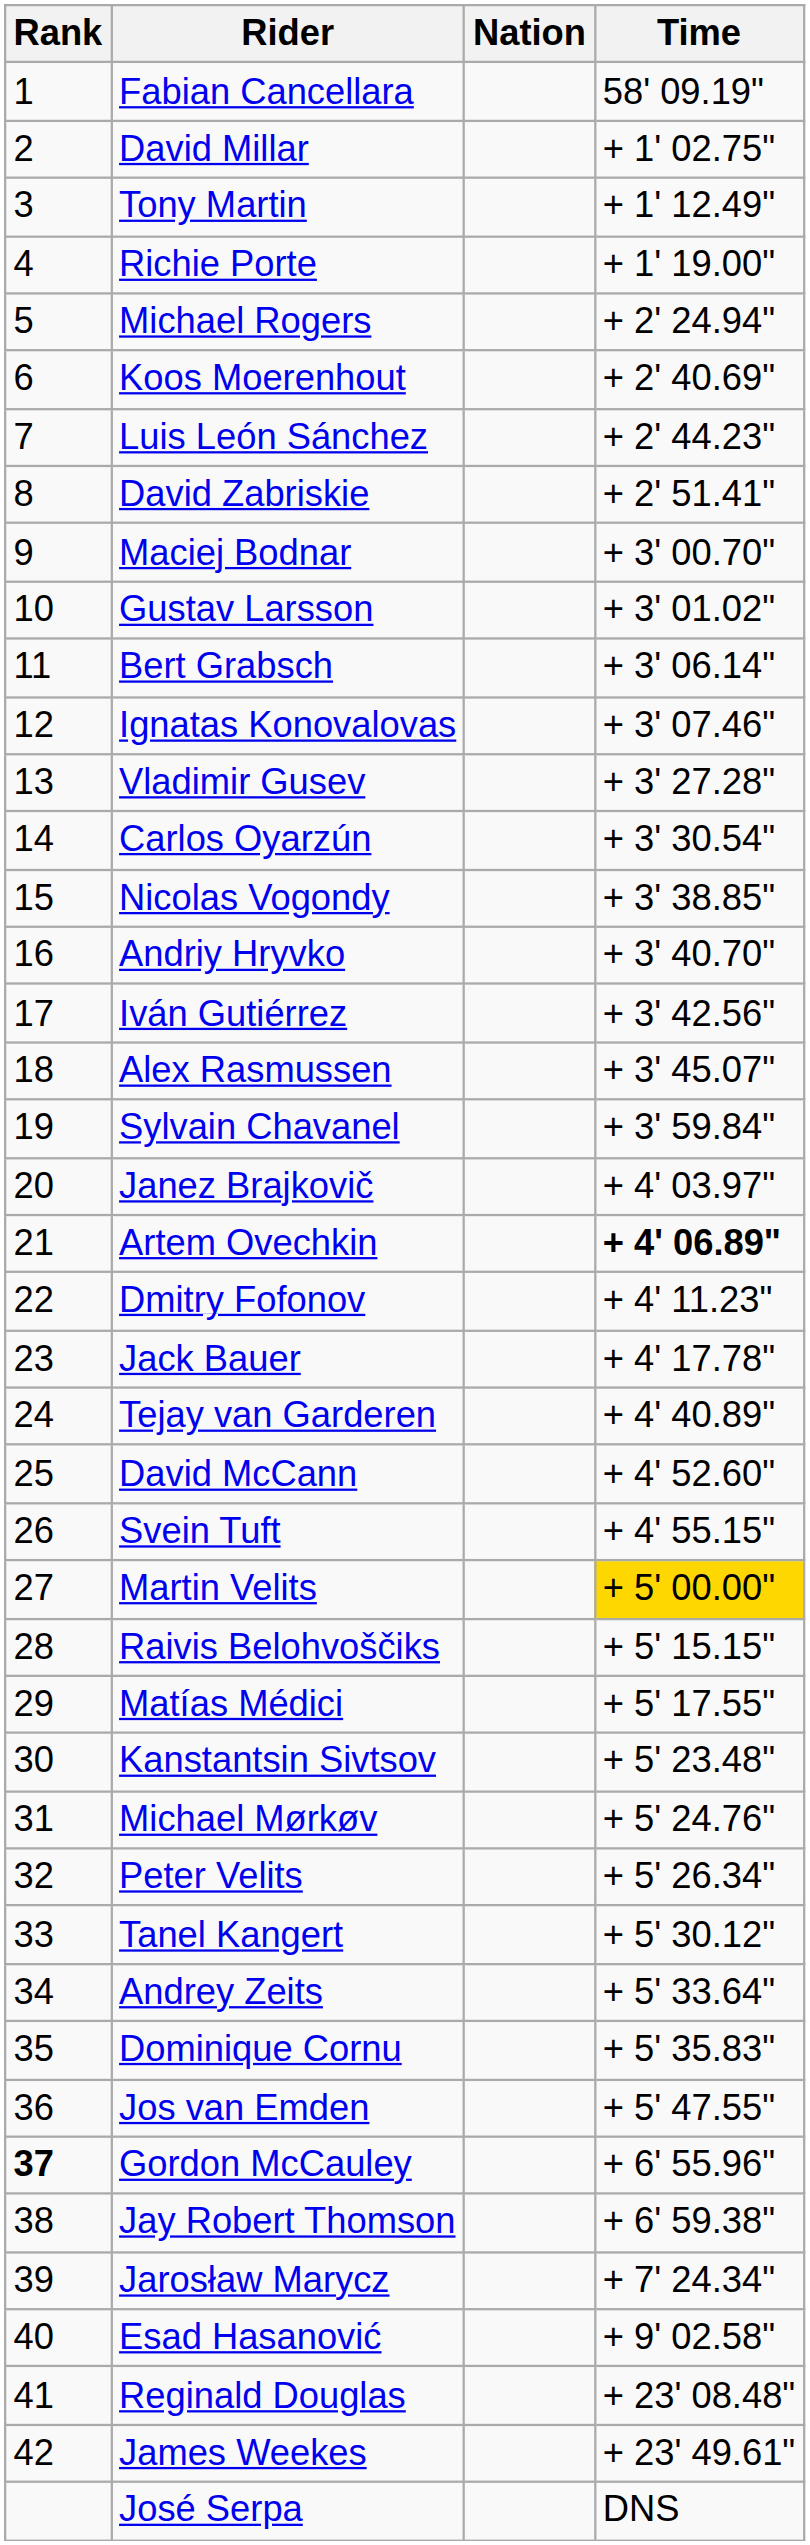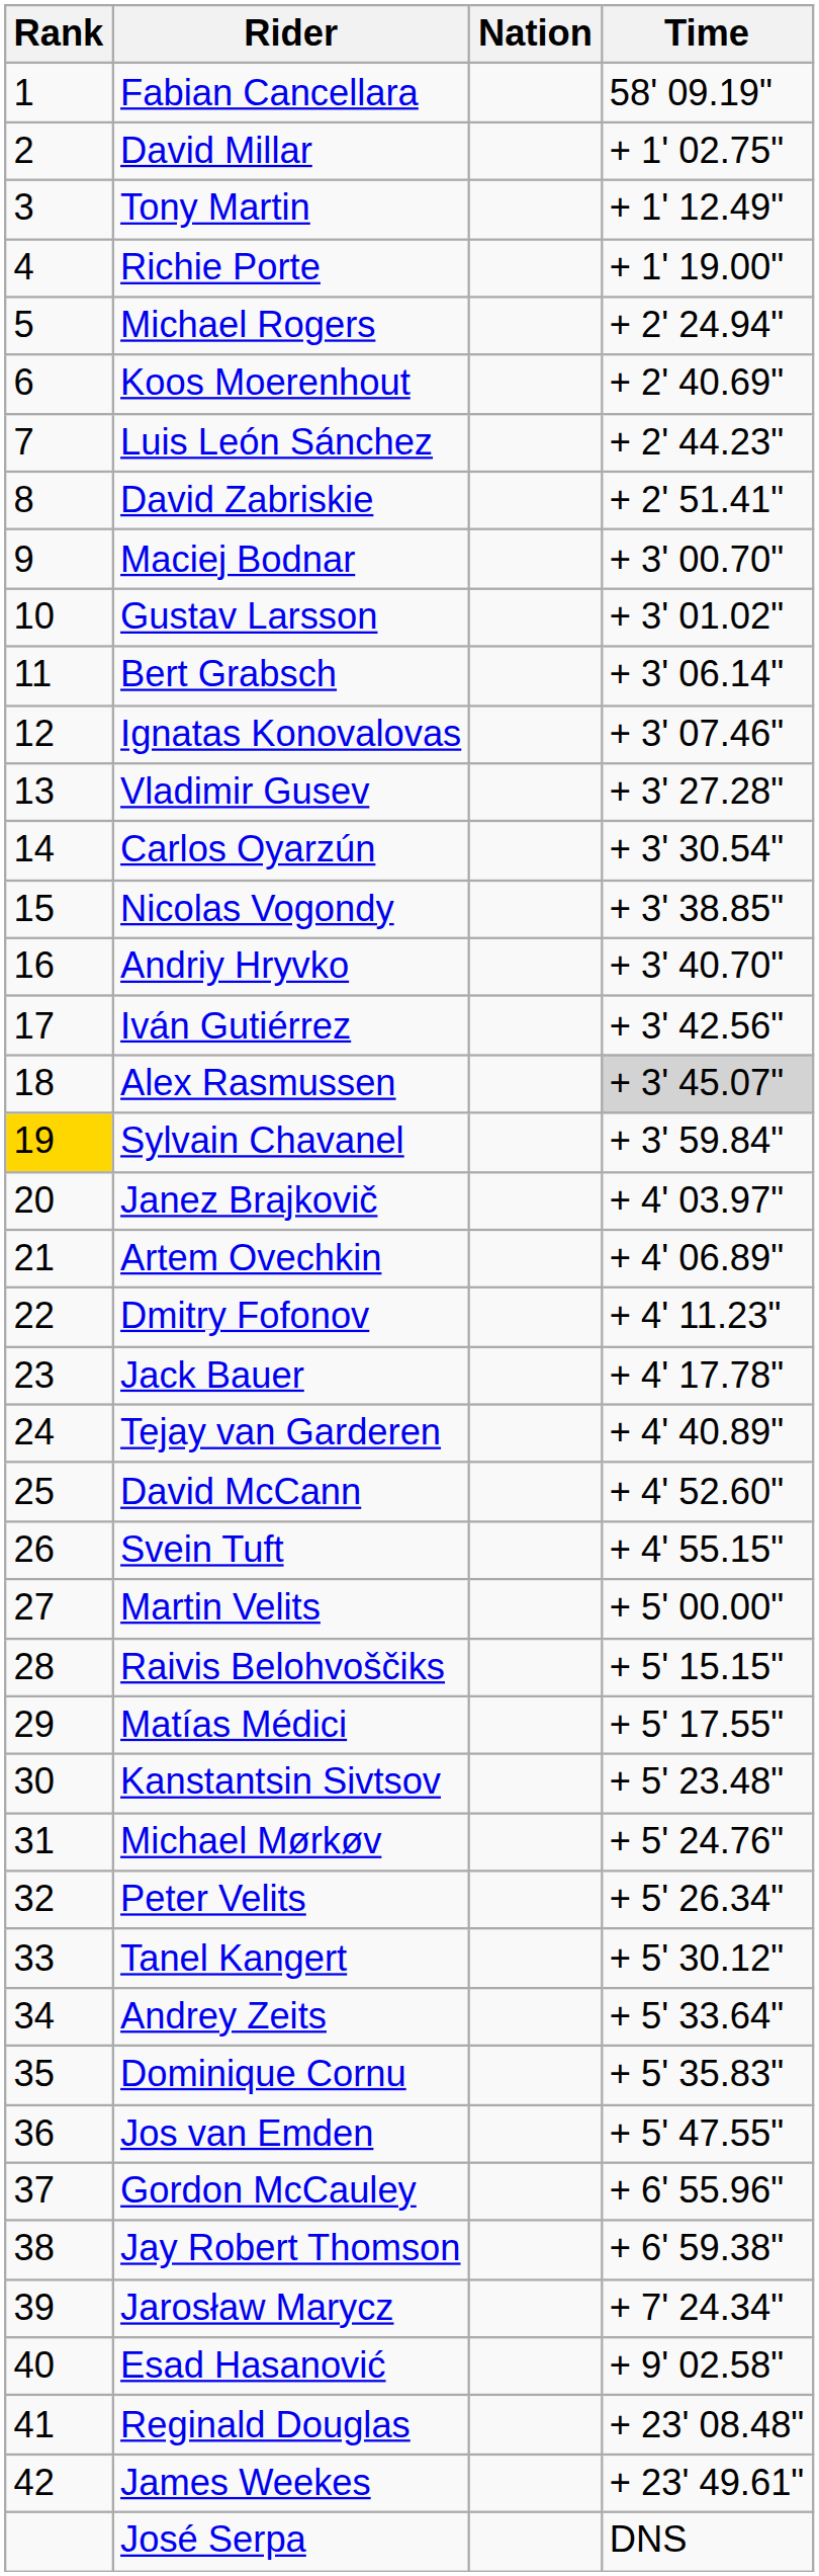 <table class="wikitable">
 <tr>
 <th>Rank</th>
 <th>Rider</th>
 <th>Nation</th>
 <th>Time</th>
 </tr>
 <tr>
 <td>1</td>
 <td><a href='#'>Fabian Cancellara</a></td>
 <td></td>
 <td>58' 09.19"</td>
 </tr>
 <tr>
 <td>2</td>
 <td><a href='#'>David Millar</a></td>
 <td></td>
 <td>+ 1' 02.75"</td>
 </tr>
 <tr>
 <td>3</td>
 <td><a href='#'>Tony Martin</a></td>
 <td></td>
 <td>+ 1' 12.49"</td>
 </tr>
 <tr>
 <td>4</td>
 <td><a href='#'>Richie Porte</a></td>
 <td></td>
 <td>+ 1' 19.00"</td>
 </tr>
 <tr>
 <td>5</td>
 <td><a href='#'>Michael Rogers</a></td>
 <td></td>
 <td>+ 2' 24.94"</td>
 </tr>
 <tr>
 <td>6</td>
 <td><a href='#'>Koos Moerenhout</a></td>
 <td></td>
 <td>+ 2' 40.69"</td>
 </tr>
 <tr>
 <td>7</td>
 <td><a href='#'>Luis León Sánchez</a></td>
 <td></td>
 <td>+ 2' 44.23"</td>
 </tr>
 <tr>
 <td>8</td>
 <td><a href='#'>David Zabriskie</a></td>
 <td></td>
 <td>+ 2' 51.41"</td>
 </tr>
 <tr>
 <td>9</td>
 <td><a href='#'>Maciej Bodnar</a></td>
 <td></td>
 <td>+ 3' 00.70"</td>
 </tr>
 <tr>
 <td>10</td>
 <td><a href='#'>Gustav Larsson</a></td>
 <td></td>
 <td>+ 3' 01.02"</td>
 </tr>
 <tr>
 <td>11</td>
 <td><a href='#'>Bert Grabsch</a></td>
 <td></td>
 <td>+ 3' 06.14"</td>
 </tr>
 <tr>
 <td>12</td>
 <td><a href='#'>Ignatas Konovalovas</a></td>
 <td></td>
 <td>+ 3' 07.46"</td>
 </tr>
 <tr>
 <td>13</td>
 <td><a href='#'>Vladimir Gusev</a></td>
 <td></td>
 <td>+ 3' 27.28"</td>
 </tr>
 <tr>
 <td>14</td>
 <td><a href='#'>Carlos Oyarzún</a></td>
 <td></td>
 <td>+ 3' 30.54"</td>
 </tr>
 <tr>
 <td>15</td>
 <td><a href='#'>Nicolas Vogondy</a></td>
 <td></td>
 <td>+ 3' 38.85"</td>
 </tr>
 <tr>
 <td>16</td>
 <td><a href='#'>Andriy Hryvko</a></td>
 <td></td>
 <td>+ 3' 40.70"</td>
 </tr>
 <tr>
 <td>17</td>
 <td><a href='#'>Iván Gutiérrez</a></td>
 <td></td>
 <td>+ 3' 42.56"</td>
 </tr>
 <tr>
 <td>18</td>
 <td><a href='#'>Alex Rasmussen</a></td>
 <td></td>
-<td>+ 3' 45.07"</td>
+<td style="background: lightgrey;">+ 3' 45.07"</td>
 </tr>
 <tr>
-<td>19</td>
+<td style="background: gold;">19</td>
 <td><a href='#'>Sylvain Chavanel</a></td>
 <td></td>
 <td>+ 3' 59.84"</td>
 </tr>
 <tr>
 <td>20</td>
 <td><a href='#'>Janez Brajkovič</a></td>
 <td></td>
 <td>+ 4' 03.97"</td>
 </tr>
 <tr>
 <td>21</td>
 <td><a href='#'>Artem Ovechkin</a></td>
 <td></td>
-<td><strong>+ 4' 06.89"</strong></td>
+<td>+ 4' 06.89"</td>
 </tr>
 <tr>
 <td>22</td>
 <td><a href='#'>Dmitry Fofonov</a></td>
 <td></td>
 <td>+ 4' 11.23"</td>
 </tr>
 <tr>
 <td>23</td>
 <td><a href='#'>Jack Bauer</a></td>
 <td></td>
 <td>+ 4' 17.78"</td>
 </tr>
 <tr>
 <td>24</td>
 <td><a href='#'>Tejay van Garderen</a></td>
 <td></td>
 <td>+ 4' 40.89"</td>
 </tr>
 <tr>
 <td>25</td>
 <td><a href='#'>David McCann</a></td>
 <td></td>
 <td>+ 4' 52.60"</td>
 </tr>
 <tr>
 <td>26</td>
 <td><a href='#'>Svein Tuft</a></td>
 <td></td>
 <td>+ 4' 55.15"</td>
 </tr>
 <tr>
 <td>27</td>
 <td><a href='#'>Martin Velits</a></td>
 <td></td>
-<td style="background: gold;">+ 5' 00.00"</td>
+<td>+ 5' 00.00"</td>
 </tr>
 <tr>
 <td>28</td>
 <td><a href='#'>Raivis Belohvoščiks</a></td>
 <td></td>
 <td>+ 5' 15.15"</td>
 </tr>
 <tr>
 <td>29</td>
 <td><a href='#'>Matías Médici</a></td>
 <td></td>
 <td>+ 5' 17.55"</td>
 </tr>
 <tr>
 <td>30</td>
 <td><a href='#'>Kanstantsin Sivtsov</a></td>
 <td></td>
 <td>+ 5' 23.48"</td>
 </tr>
 <tr>
 <td>31</td>
 <td><a href='#'>Michael Mørkøv</a></td>
 <td></td>
 <td>+ 5' 24.76"</td>
 </tr>
 <tr>
 <td>32</td>
 <td><a href='#'>Peter Velits</a></td>
 <td></td>
 <td>+ 5' 26.34"</td>
 </tr>
 <tr>
 <td>33</td>
 <td><a href='#'>Tanel Kangert</a></td>
 <td></td>
 <td>+ 5' 30.12"</td>
 </tr>
 <tr>
 <td>34</td>
 <td><a href='#'>Andrey Zeits</a></td>
 <td></td>
 <td>+ 5' 33.64"</td>
 </tr>
 <tr>
 <td>35</td>
 <td><a href='#'>Dominique Cornu</a></td>
 <td></td>
 <td>+ 5' 35.83"</td>
 </tr>
 <tr>
 <td>36</td>
 <td><a href='#'>Jos van Emden</a></td>
 <td></td>
 <td>+ 5' 47.55"</td>
 </tr>
 <tr>
-<td><strong>37</strong></td>
+<td>37</td>
 <td><a href='#'>Gordon McCauley</a></td>
 <td></td>
 <td>+ 6' 55.96"</td>
 </tr>
 <tr>
 <td>38</td>
 <td><a href='#'>Jay Robert Thomson</a></td>
 <td></td>
 <td>+ 6' 59.38"</td>
 </tr>
 <tr>
 <td>39</td>
 <td><a href='#'>Jarosław Marycz</a></td>
 <td></td>
 <td>+ 7' 24.34"</td>
 </tr>
 <tr>
 <td>40</td>
 <td><a href='#'>Esad Hasanović</a></td>
 <td></td>
 <td>+ 9' 02.58"</td>
 </tr>
 <tr>
 <td>41</td>
 <td><a href='#'>Reginald Douglas</a></td>
 <td></td>
 <td>+ 23' 08.48"</td>
 </tr>
 <tr>
 <td>42</td>
 <td><a href='#'>James Weekes</a></td>
 <td></td>
 <td>+ 23' 49.61"</td>
 </tr>
 <tr>
 <td></td>
 <td><a href='#'>José Serpa</a></td>
 <td></td>
 <td>DNS</td>
 </tr>
 </table>
